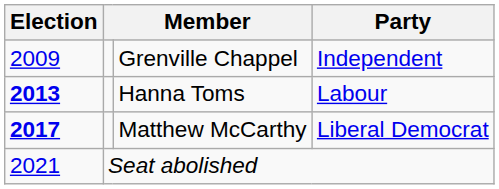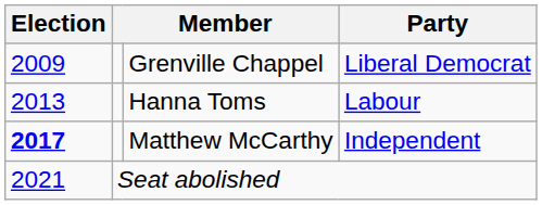 <table class="wikitable">
 <tr>
 <th>Election</th>
 <th colspan="2">Member</th>
 <th>Party</th>
 </tr>
 <tr>
 <td><a href='#'>2009</a></td>
 <td rowspan="1" style="background-color: "></td>
 <td rowspan="1">Grenville Chappel</td>
-<td rowspan="1"><a href='#'>Independent</a></td>
+<td rowspan="1"><a href='#'>Liberal Democrat</a></td>
 </tr>
 <tr>
-<td><strong><a href='#'>2013</a></strong></td>
+<td><a href='#'>2013</a></td>
 <td rowspan="1" style="background-color: "></td>
 <td rowspan="1">Hanna Toms</td>
 <td rowspan="1"><a href='#'>Labour</a></td>
 </tr>
 <tr>
 <td><strong><a href='#'>2017</a></strong></td>
 <td rowspan="1" style="background-color: "></td>
 <td rowspan="1">Matthew McCarthy</td>
-<td rowspan="1"><a href='#'>Liberal Democrat</a></td>
+<td rowspan="1"><a href='#'>Independent</a></td>
 </tr>
 <tr>
 <td><a href='#'>2021</a></td>
 <td colspan="3"><em>Seat abolished</em></td>
 </tr>
 </table>
